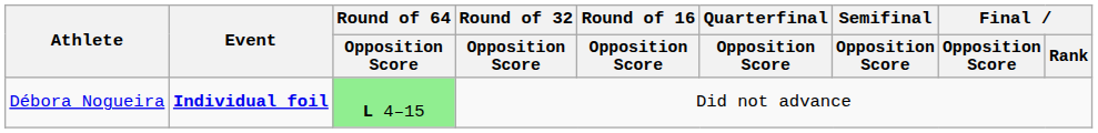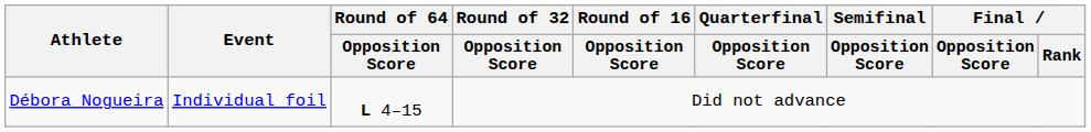 <table class="wikitable" style="font-size:90%">
 <tr>
 <th rowspan="2">Athlete</th>
 <th rowspan="2">Event</th>
 <th>Round of 64</th>
 <th>Round of 32</th>
 <th>Round of 16</th>
 <th>Quarterfinal</th>
 <th>Semifinal</th>
 <th colspan=2>Final / </th>
 </tr>
 <tr style="font-size:95%">
 <th>Opposition <br> Score</th>
 <th>Opposition <br> Score</th>
 <th>Opposition <br> Score</th>
 <th>Opposition <br> Score</th>
 <th>Opposition <br> Score</th>
 <th>Opposition <br> Score</th>
 <th>Rank</th>
 </tr>
 <tr align=center>
 <td align=left><a href='#'>Débora Nogueira</a></td>
-<td align=left><strong><a href='#'>Individual foil</a></strong></td>
-<td style="background: lightgreen;"><br><strong>L</strong> 4–15</td>
+<td align=left><a href='#'>Individual foil</a></td>
+<td><br><strong>L</strong> 4–15</td>
 <td colspan=6>Did not advance</td>
 </tr>
 </table>
